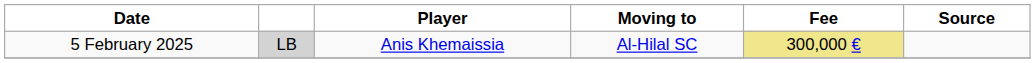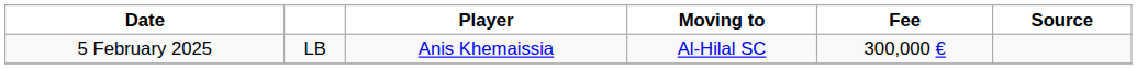 <table class="wikitable sortable" style="width:70%; text-align:center; font-size:90%; text-align:centre;">
 <tr>
 <th style="background:white; color:black; text-align:center;">Date</th>
 <th style="background:white; color:black; text-align:center;"></th>
 <th style="background:white; color:black; text-align:center;">Player</th>
 <th style="background:white; color:black; text-align:center;">Moving to</th>
 <th style="background:white; color:black; text-align:center;">Fee</th>
 <th style="background:white; color:black; text-align:center;">Source</th>
 </tr>
 <tr>
 <td>5 February 2025</td>
-<td style="background: lightgrey;">LB</td>
+<td>LB</td>
 <td> <a href='#'>Anis Khemaissia</a></td>
 <td> <a href='#'>Al-Hilal SC</a></td>
-<td style="background: khaki;">300,000 <a href='#'>€</a></td>
+<td>300,000 <a href='#'>€</a></td>
 <td></td>
 </tr>
 <tr>
 </tr>
 </table>
